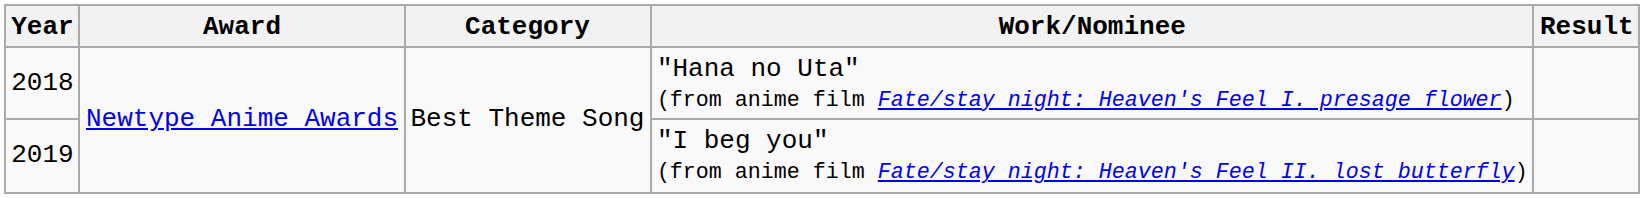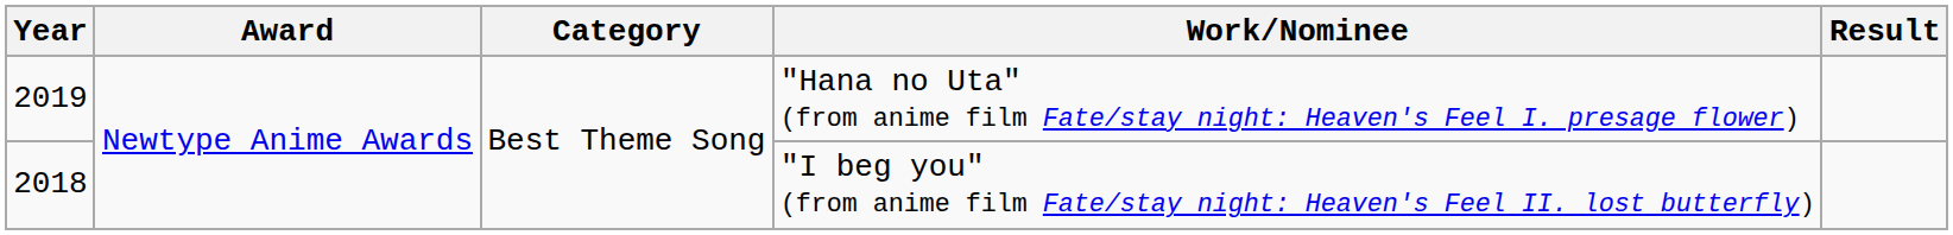 <table class="wikitable">
 <tr>
 <th>Year</th>
 <th>Award</th>
 <th>Category</th>
 <th>Work/Nominee</th>
 <th>Result</th>
 </tr>
 <tr>
-<td align="center">2018</td>
+<td align="center">2019</td>
 <td rowspan="2"><a href='#'>Newtype Anime Awards</a></td>
 <td rowspan="2">Best Theme Song</td>
 <td>"Hana no Uta" <br><small>(from anime film <em><a href='#'>Fate/stay night: Heaven's Feel I. presage flower</a></em>)</small></td>
 <td></td>
 </tr>
 <tr>
-<td align="center">2019</td>
+<td align="center">2018</td>
 <td>"I beg you" <br><small>(from anime film <em><a href='#'>Fate/stay night: Heaven's Feel II. lost butterfly</a></em>)</small></td>
 <td></td>
 </tr>
 </table>
